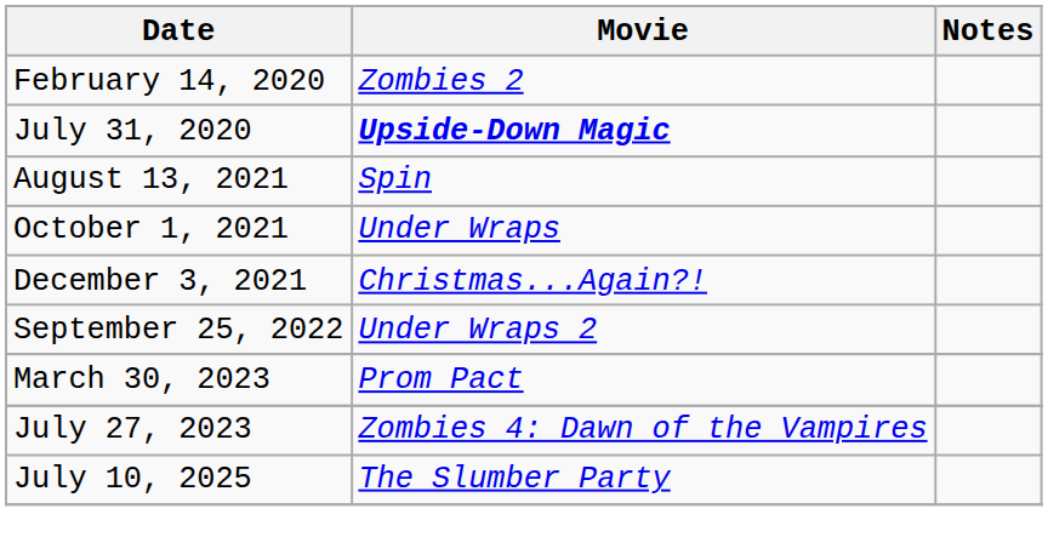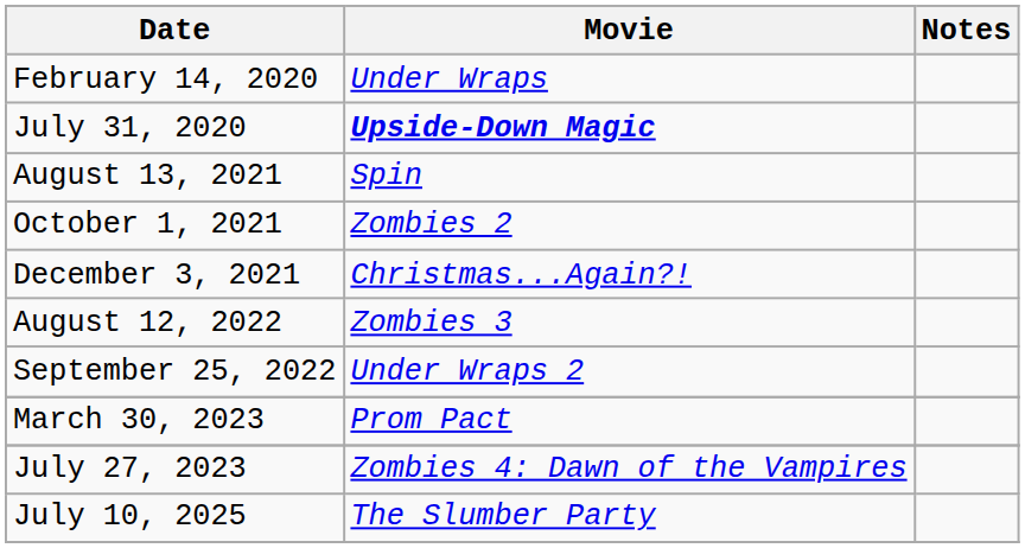 <table class="wikitable">
 <tr>
 <th>Date</th>
 <th>Movie</th>
 <th>Notes</th>
 </tr>
 <tr>
 <td>February 14, 2020</td>
-<td><em><a href='#'>Zombies 2</a></em></td>
+<td><em><a href='#'>Under Wraps</a></em></td>
 <td></td>
 </tr>
 <tr>
 <td>July 31, 2020</td>
 <td><strong><em><a href='#'>Upside-Down Magic</a></em></strong></td>
 <td></td>
 </tr>
 <tr>
 <td>August 13, 2021</td>
 <td><em><a href='#'>Spin</a></em></td>
 <td></td>
 </tr>
 <tr>
 <td>October 1, 2021</td>
-<td><em><a href='#'>Under Wraps</a></em></td>
+<td><em><a href='#'>Zombies 2</a></em></td>
 <td></td>
 </tr>
 <tr>
 <td>December 3, 2021</td>
 <td><em><a href='#'>Christmas...Again?!</a></em></td>
+<td></td>
+</tr>
+<tr>
+<td>August 12, 2022</td>
+<td><em><a href='#'>Zombies 3</a></em></td>
 <td></td>
 </tr>
 <tr>
 <td>September 25, 2022</td>
 <td><em><a href='#'>Under Wraps 2</a></em></td>
 <td></td>
 </tr>
 <tr>
 </tr>
 <tr>
 <td>March 30, 2023</td>
 <td><em><a href='#'>Prom Pact</a></em></td>
 <td></td>
 </tr>
 <tr>
 </tr>
 <tr>
 <td>July 27, 2023</td>
 <td><em><a href='#'>Zombies 4: Dawn of the Vampires</a></em></td>
 <td></td>
 </tr>
 <tr>
 <td>July 10, 2025</td>
 <td><em><a href='#'>The Slumber Party</a></em></td>
 <td></td>
 </tr>
 <tr>
 </tr>
 </table>
